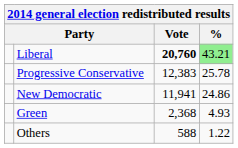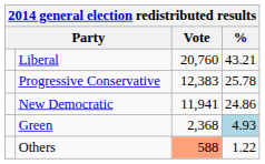 <table class="wikitable">
 <tr>
 <th colspan="4"><a href='#'>2014 general election</a> redistributed results</th>
 </tr>
 <tr>
 <th bgcolor="#DDDDFF" width="130px" colspan="2">Party</th>
 <th bgcolor="#DDDDFF" width="50px">Vote</th>
 <th bgcolor="#DDDDFF" width="30px">%</th>
 </tr>
 <tr>
 <td> </td>
 <td><a href='#'>Liberal</a></td>
-<td align=right><strong>20,760</strong></td>
-<td align=right style="background: lightgreen;">43.21</td>
+<td align=right>20,760</td>
+<td align=right>43.21</td>
 </tr>
 <tr>
 <td> </td>
 <td><a href='#'>Progressive Conservative</a></td>
 <td align=right>12,383</td>
 <td align=right>25.78</td>
 </tr>
 <tr>
 <td> </td>
 <td><a href='#'>New Democratic</a></td>
 <td align=right>11,941</td>
 <td align=right>24.86</td>
 </tr>
 <tr>
 <td> </td>
 <td><a href='#'>Green</a></td>
 <td align=right>2,368</td>
-<td align=right>4.93</td>
+<td align=right style="background: lightblue;">4.93</td>
 </tr>
 <tr>
 <td> </td>
 <td>Others</td>
-<td align=right>588</td>
+<td align=right style="background: lightsalmon;">588</td>
 <td align=right>1.22</td>
 </tr>
 </table>
